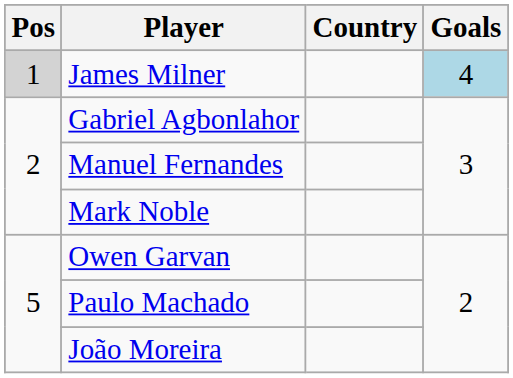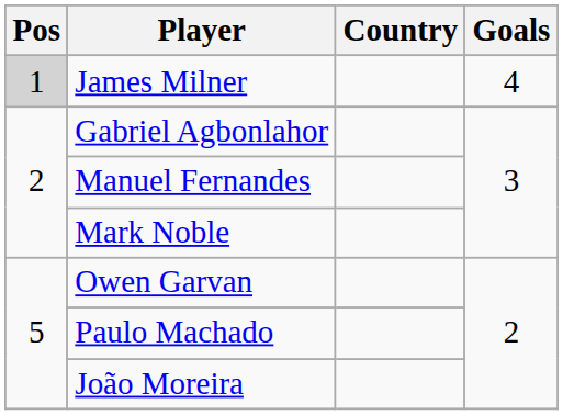 <table class="wikitable">
 <tr>
 <th>Pos</th>
 <th>Player</th>
 <th>Country</th>
 <th>Goals</th>
 </tr>
 <tr>
 <td align="center" style="background: lightgrey;">1</td>
 <td><a href='#'>James Milner</a></td>
 <td></td>
-<td align="center" style="background: lightblue;">4</td>
+<td align="center">4</td>
 </tr>
 <tr>
 <td rowspan="3" align="center">2</td>
 <td><a href='#'>Gabriel Agbonlahor</a></td>
 <td></td>
 <td rowspan="3" align="center">3</td>
 </tr>
 <tr>
 <td><a href='#'>Manuel Fernandes</a></td>
 <td></td>
 </tr>
 <tr>
 <td><a href='#'>Mark Noble</a></td>
 <td></td>
 </tr>
 <tr>
 <td rowspan="3" align="center">5</td>
 <td><a href='#'>Owen Garvan</a></td>
 <td></td>
 <td rowspan="3" align="center">2</td>
 </tr>
 <tr>
 <td><a href='#'>Paulo Machado</a></td>
 <td></td>
 </tr>
 <tr>
 <td><a href='#'>João Moreira</a></td>
 <td></td>
 </tr>
 </table>
